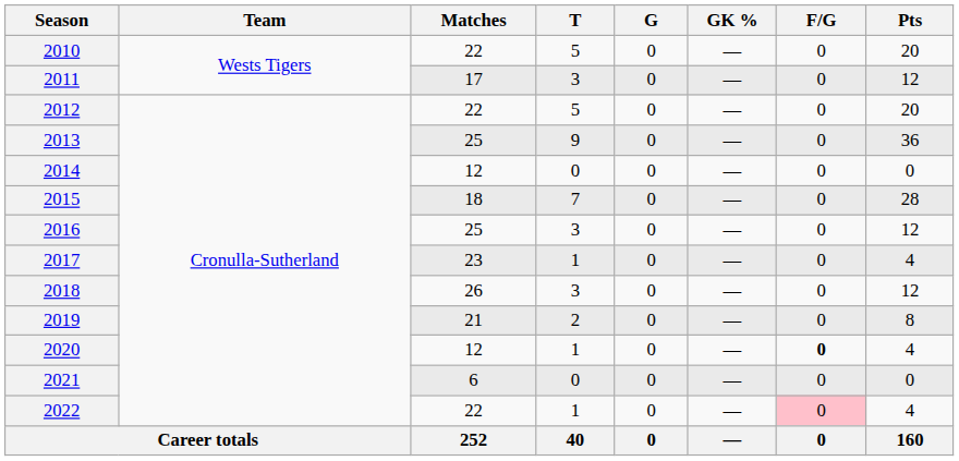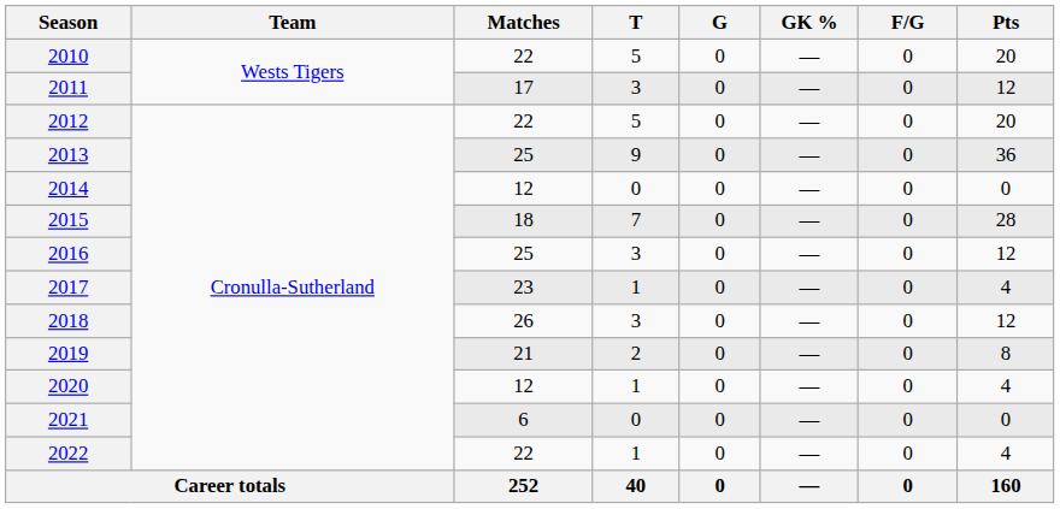 <table class="wikitable sortable"  style="font-size:90%; text-align:center; width:85%;">
 <tr>
 <th width=2%>Season</th>
 <th width=8%>Team</th>
 <th width=2%>Matches</th>
 <th width=2%>T</th>
 <th width=2%>G</th>
 <th width=2%>GK %</th>
 <th width=2%>F/G</th>
 <th width=2%>Pts</th>
 </tr>
 <tr>
 <th scope="row" style="text-align:center; font-weight:normal"><a href='#'>2010</a></th>
 <td rowspan="2" style="text-align:center;"> <a href='#'>Wests Tigers</a></td>
 <td>22</td>
 <td>5</td>
 <td>0</td>
 <td>—</td>
 <td>0</td>
 <td>20</td>
 </tr>
 <tr style="background:#eaeaea;">
 <th scope="row" style="text-align:center; font-weight:normal"><a href='#'>2011</a></th>
 <td>17</td>
 <td>3</td>
 <td>0</td>
 <td>—</td>
 <td>0</td>
 <td>12</td>
 </tr>
 <tr>
 <th scope="row" style="text-align:center; font-weight:normal"><a href='#'>2012</a></th>
 <td rowspan="11" style="text-align:center;"> <a href='#'>Cronulla-Sutherland</a></td>
 <td>22</td>
 <td>5</td>
 <td>0</td>
 <td>—</td>
 <td>0</td>
 <td>20</td>
 </tr>
 <tr style="background:#eaeaea;">
 <th scope="row" style="text-align:center; font-weight:normal"><a href='#'>2013</a></th>
 <td>25</td>
 <td>9</td>
 <td>0</td>
 <td>—</td>
 <td>0</td>
 <td>36</td>
 </tr>
 <tr>
 <th scope="row" style="text-align:center; font-weight:normal"><a href='#'>2014</a></th>
 <td>12</td>
 <td>0</td>
 <td>0</td>
 <td>—</td>
 <td>0</td>
 <td>0</td>
 </tr>
 <tr style="background:#eaeaea;">
 <th scope="row" style="text-align:center; font-weight:normal"><a href='#'>2015</a></th>
 <td>18</td>
 <td>7</td>
 <td>0</td>
 <td>—</td>
 <td>0</td>
 <td>28</td>
 </tr>
 <tr>
 <th scope="row" style="text-align:center; font-weight:normal"><a href='#'>2016</a></th>
 <td>25</td>
 <td>3</td>
 <td>0</td>
 <td>—</td>
 <td>0</td>
 <td>12</td>
 </tr>
 <tr style="background:#eaeaea;">
 <th scope="row" style="text-align:center; font-weight:normal"><a href='#'>2017</a></th>
 <td>23</td>
 <td>1</td>
 <td>0</td>
 <td>—</td>
 <td>0</td>
 <td>4</td>
 </tr>
 <tr>
 <th scope="row" style="text-align:center; font-weight:normal"><a href='#'>2018</a></th>
 <td>26</td>
 <td>3</td>
 <td>0</td>
 <td>—</td>
 <td>0</td>
 <td>12</td>
 </tr>
 <tr style="background:#eaeaea;">
 <th scope="row" style="text-align:center; font-weight:normal"><a href='#'>2019</a></th>
 <td>21</td>
 <td>2</td>
 <td>0</td>
 <td>—</td>
 <td>0</td>
 <td>8</td>
 </tr>
 <tr>
 <th scope="row" style="text-align:center; font-weight:normal"><a href='#'>2020</a></th>
 <td>12</td>
 <td>1</td>
 <td>0</td>
 <td>—</td>
-<td><strong>0</strong></td>
+<td>0</td>
 <td>4</td>
 </tr>
 <tr style="background:#eaeaea;">
 <th scope="row" style="text-align:center; font-weight:normal"><a href='#'>2021</a></th>
 <td>6</td>
 <td>0</td>
 <td>0</td>
 <td>—</td>
 <td>0</td>
 <td>0</td>
 </tr>
 <tr>
 <th scope="row" style="text-align:center; font-weight:normal"><a href='#'>2022</a></th>
 <td>22</td>
 <td>1</td>
 <td>0</td>
 <td>—</td>
-<td style="background: pink;">0</td>
+<td>0</td>
 <td>4</td>
 </tr>
 <tr class="sortbottom">
 <th colspan=2>Career totals</th>
 <th>252</th>
 <th>40</th>
 <th>0</th>
 <th>—</th>
 <th>0</th>
 <th>160</th>
 </tr>
 </table>
